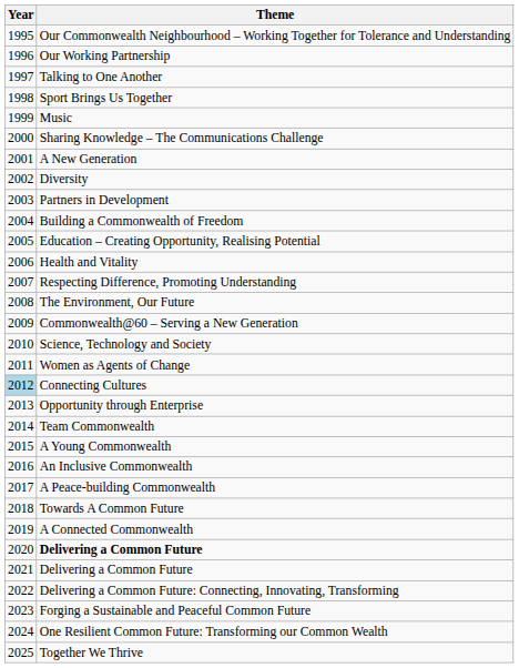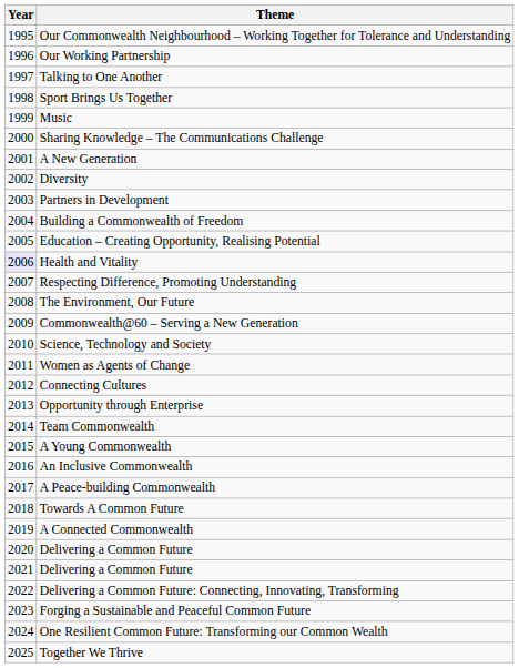 <table class="wikitable sortable mw-collapsible">
 <tr>
 <th scope=col>Year</th>
 <th scope=col>Theme</th>
 </tr>
 <tr>
 <td>1995</td>
 <td>Our Commonwealth Neighbourhood – Working Together for Tolerance and Understanding</td>
 </tr>
 <tr>
 <td>1996</td>
 <td>Our Working Partnership</td>
 </tr>
 <tr>
 <td>1997</td>
 <td>Talking to One Another</td>
 </tr>
 <tr>
 <td>1998</td>
 <td>Sport Brings Us Together</td>
 </tr>
 <tr>
 <td>1999</td>
 <td>Music</td>
 </tr>
 <tr>
 <td>2000</td>
 <td>Sharing Knowledge – The Communications Challenge</td>
 </tr>
 <tr>
 <td>2001</td>
 <td>A New Generation</td>
 </tr>
 <tr>
 <td>2002</td>
 <td>Diversity</td>
 </tr>
 <tr>
 <td>2003</td>
 <td>Partners in Development</td>
 </tr>
 <tr>
 <td>2004</td>
 <td>Building a Commonwealth of Freedom</td>
 </tr>
 <tr>
 <td>2005</td>
 <td>Education – Creating Opportunity, Realising Potential</td>
 </tr>
 <tr>
-<td>2006</td>
+<td style="background: lavender;">2006</td>
 <td>Health and Vitality</td>
 </tr>
 <tr>
 <td>2007</td>
 <td>Respecting Difference, Promoting Understanding</td>
 </tr>
 <tr>
 <td>2008</td>
 <td>The Environment, Our Future</td>
 </tr>
 <tr>
 <td>2009</td>
 <td>Commonwealth@60 – Serving a New Generation</td>
 </tr>
 <tr>
 <td>2010</td>
 <td>Science, Technology and Society</td>
 </tr>
 <tr>
 <td>2011</td>
 <td>Women as Agents of Change</td>
 </tr>
 <tr>
-<td style="background: lightblue;">2012</td>
+<td>2012</td>
 <td>Connecting Cultures</td>
 </tr>
 <tr>
 <td>2013</td>
 <td>Opportunity through Enterprise</td>
 </tr>
 <tr>
 <td>2014</td>
 <td>Team Commonwealth</td>
 </tr>
 <tr>
 <td>2015</td>
 <td>A Young Commonwealth</td>
 </tr>
 <tr>
 <td>2016</td>
 <td>An Inclusive Commonwealth</td>
 </tr>
 <tr>
 <td>2017</td>
 <td>A Peace-building Commonwealth</td>
 </tr>
 <tr>
 <td>2018</td>
 <td>Towards A Common Future</td>
 </tr>
 <tr>
 <td>2019</td>
 <td>A Connected Commonwealth</td>
 </tr>
 <tr>
 <td>2020</td>
-<td><strong>Delivering a Common Future</strong></td>
+<td>Delivering a Common Future</td>
 </tr>
 <tr>
 <td>2021</td>
 <td>Delivering a Common Future</td>
 </tr>
 <tr>
 <td>2022</td>
 <td>Delivering a Common Future: Connecting, Innovating, Transforming</td>
 </tr>
 <tr>
 <td>2023</td>
 <td>Forging a Sustainable and Peaceful Common Future</td>
 </tr>
 <tr>
 <td>2024</td>
 <td>One Resilient Common Future: Transforming our Common Wealth</td>
 </tr>
 <tr>
 <td>2025</td>
 <td>Together We Thrive</td>
 </tr>
 </table>
